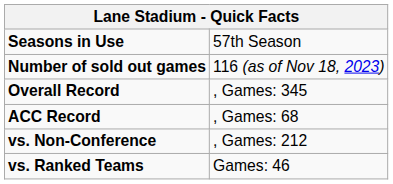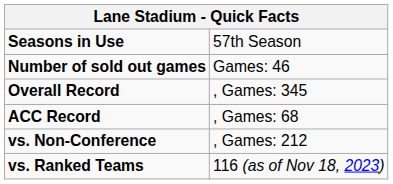 <table class="wikitable">
 <tr>
 <th colspan="2"><strong>Lane Stadium - Quick Facts</strong></th>
 </tr>
 <tr>
 <td><strong>Seasons in Use</strong></td>
 <td>57th Season </td>
 </tr>
 <tr>
 <td><strong>Number of sold out games</strong></td>
-<td>116 <em>(as of Nov 18, <a href='#'>2023</a>)</em></td>
+<td> Games: 46</td>
 </tr>
 <tr>
 <td><strong>Overall Record</strong></td>
 <td>, Games: 345</td>
 </tr>
 <tr>
 <td><strong>ACC Record</strong></td>
 <td>, Games: 68</td>
 </tr>
 <tr>
 <td><strong>vs. Non-Conference</strong></td>
 <td>, Games: 212</td>
 </tr>
 <tr>
 <td><strong>vs. Ranked Teams</strong></td>
-<td> Games: 46</td>
+<td>116 <em>(as of Nov 18, <a href='#'>2023</a>)</em></td>
 </tr>
 </table>
